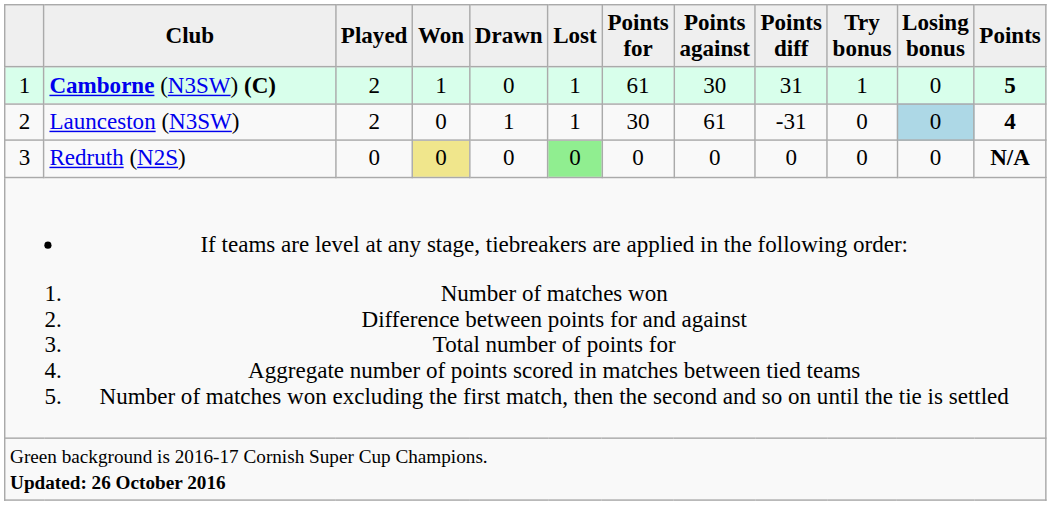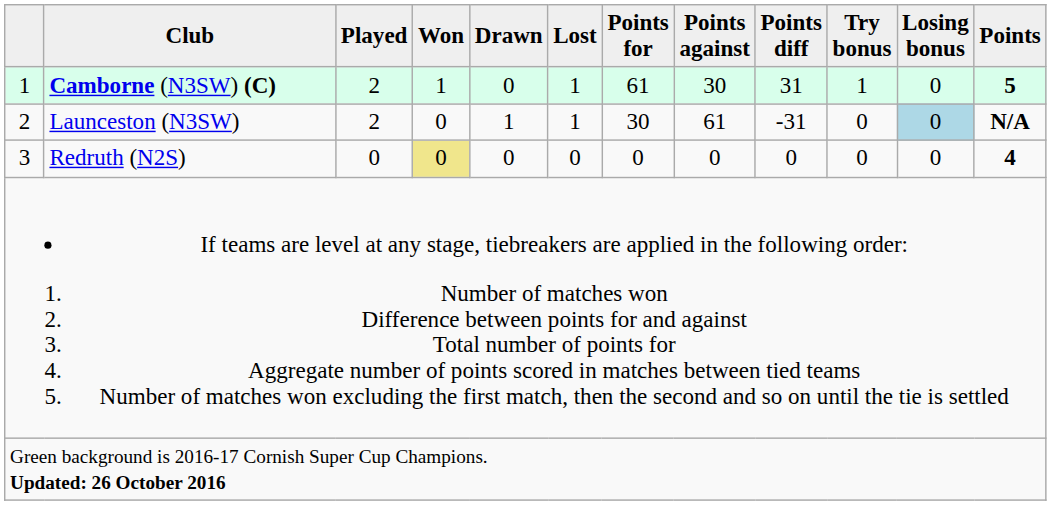 <table class="wikitable" style="text-align: center;">
 <tr>
 <th style="background-color:#efefef" width="20"></th>
 <th style="background-color:#efefef" width="195">Club</th>
 <th style="background-color:#efefef" width="20">Played</th>
 <th style="background-color:#efefef" width="20">Won</th>
 <th style="background-color:#efefef" width="20">Drawn</th>
 <th style="background-color:#efefef" width="20">Lost</th>
 <th style="background-color:#efefef" width="20">Points for</th>
 <th style="background-color:#efefef" width="20">Points against</th>
 <th style="background-color:#efefef" width="20">Points diff</th>
 <th style="background-color:#efefef" width="20">Try bonus</th>
 <th style="background-color:#efefef" width="20">Losing bonus</th>
 <th style="background-color:#efefef" width="20">Points</th>
 </tr>
 <tr style="background-color:#d8ffeb;text-align:center;">
 <td>1</td>
 <td style="text-align:left;"><strong><a href='#'>Camborne</a></strong> (<a href='#'>N3SW</a>) <strong>(C)</strong></td>
 <td>2</td>
 <td>1</td>
 <td>0</td>
 <td>1</td>
 <td>61</td>
 <td>30</td>
 <td>31</td>
 <td>1</td>
 <td>0</td>
 <td><strong>5</strong></td>
 </tr>
 <tr>
 <td>2</td>
 <td style="text-align:left;"><a href='#'>Launceston</a> (<a href='#'>N3SW</a>)</td>
 <td>2</td>
 <td>0</td>
 <td>1</td>
 <td>1</td>
 <td>30</td>
 <td>61</td>
 <td>-31</td>
 <td>0</td>
 <td style="background: lightblue;">0</td>
-<td><strong>4</strong></td>
+<td><strong>N/A</strong></td>
 </tr>
 <tr>
 <td>3</td>
 <td style="text-align:left;"><a href='#'>Redruth</a> (<a href='#'>N2S</a>)</td>
 <td>0</td>
 <td style="background: khaki;">0</td>
 <td>0</td>
-<td style="background: lightgreen;">0</td>
 <td>0</td>
 <td>0</td>
 <td>0</td>
 <td>0</td>
 <td>0</td>
-<td><strong>N/A</strong></td>
+<td>0</td>
+<td><strong>4</strong></td>
 </tr>
 <tr>
 <td colspan="15"><br><ul><li>If teams are level at any stage, tiebreakers are applied in the following order:</li></ul><ol><li>Number of matches won</li><li>Difference between points for and against</li><li>Total number of points for</li><li>Aggregate number of points scored in matches between tied teams</li><li>Number of matches won excluding the first match, then the second and so on until the tie is settled</li></ol></td>
 </tr>
 <tr | style="text-align:left;" |>
 <td colspan="15" style="border:0px"><small><span>Green background</span> is 2016-17 Cornish Super Cup Champions.<br><strong>Updated: 26 October 2016</strong></small></td>
 </tr>
 </table>
